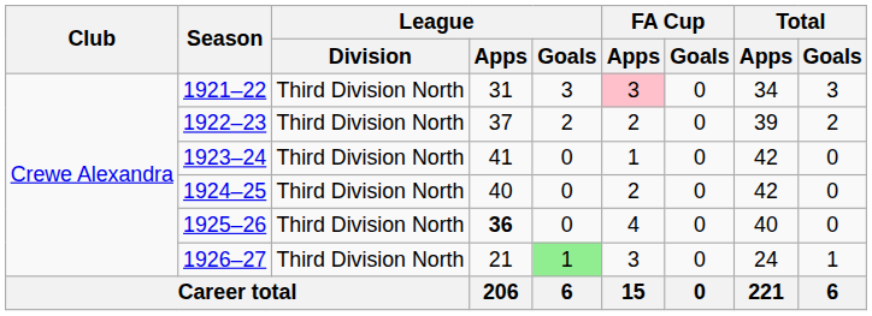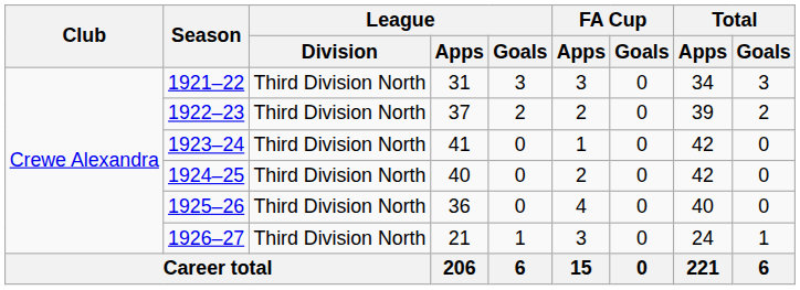 <table class="wikitable" style="text-align: center;">
 <tr>
 <th rowspan=2>Club</th>
 <th rowspan=2>Season</th>
 <th colspan=3>League</th>
 <th colspan=2>FA Cup</th>
 <th colspan=2>Total</th>
 </tr>
 <tr>
 <th>Division</th>
 <th>Apps</th>
 <th>Goals</th>
 <th>Apps</th>
 <th>Goals</th>
 <th>Apps</th>
 <th>Goals</th>
 </tr>
 <tr>
 <td rowspan=6><a href='#'>Crewe Alexandra</a></td>
 <td><a href='#'>1921–22</a></td>
 <td>Third Division North</td>
 <td>31</td>
 <td>3</td>
-<td style="background: pink;">3</td>
+<td>3</td>
 <td>0</td>
 <td>34</td>
 <td>3</td>
 </tr>
 <tr>
 <td><a href='#'>1922–23</a></td>
 <td>Third Division North</td>
 <td>37</td>
 <td>2</td>
 <td>2</td>
 <td>0</td>
 <td>39</td>
 <td>2</td>
 </tr>
 <tr>
 <td><a href='#'>1923–24</a></td>
 <td>Third Division North</td>
 <td>41</td>
 <td>0</td>
 <td>1</td>
 <td>0</td>
 <td>42</td>
 <td>0</td>
 </tr>
 <tr>
 <td><a href='#'>1924–25</a></td>
 <td>Third Division North</td>
 <td>40</td>
 <td>0</td>
 <td>2</td>
 <td>0</td>
 <td>42</td>
 <td>0</td>
 </tr>
 <tr>
 <td><a href='#'>1925–26</a></td>
 <td>Third Division North</td>
-<td><strong>36</strong></td>
+<td>36</td>
 <td>0</td>
 <td>4</td>
 <td>0</td>
 <td>40</td>
 <td>0</td>
 </tr>
 <tr>
 <td><a href='#'>1926–27</a></td>
 <td>Third Division North</td>
 <td>21</td>
-<td style="background: lightgreen;">1</td>
+<td>1</td>
 <td>3</td>
 <td>0</td>
 <td>24</td>
 <td>1</td>
 </tr>
 <tr>
 <th colspan=3>Career total</th>
 <th>206</th>
 <th>6</th>
 <th>15</th>
 <th>0</th>
 <th>221</th>
 <th>6</th>
 </tr>
 </table>
